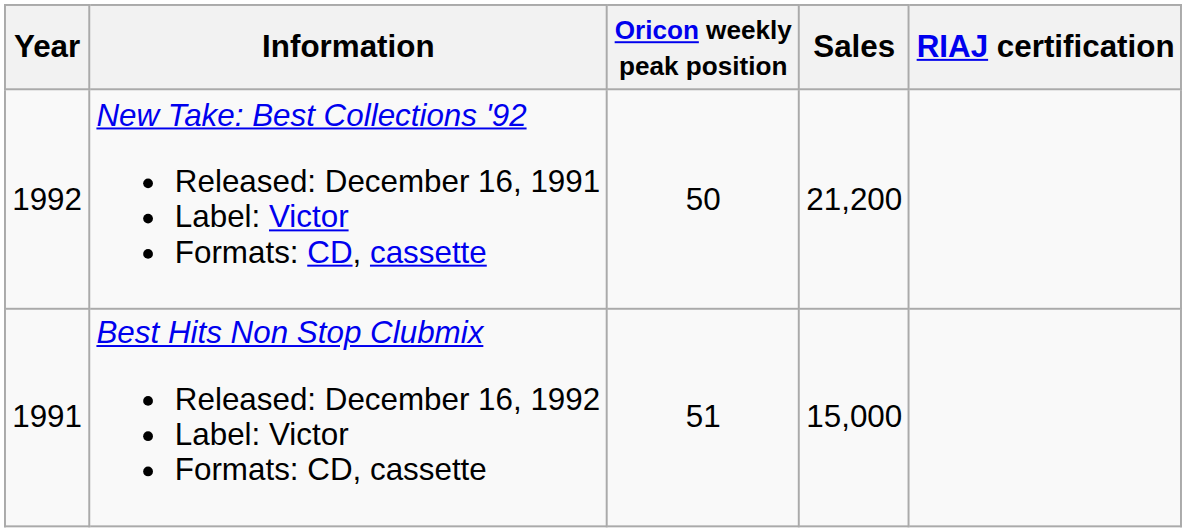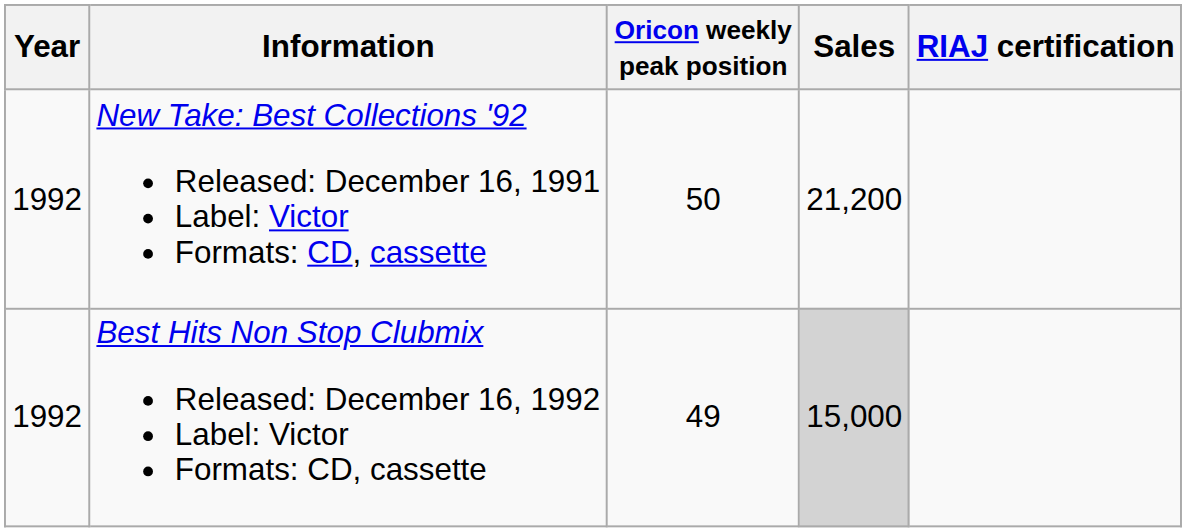 <table class="wikitable">
 <tr>
 <th>Year</th>
 <th>Information</th>
 <th><small><a href='#'>Oricon</a> weekly<br>peak position</small></th>
 <th>Sales<br></th>
 <th><a href='#'>RIAJ</a> certification</th>
 </tr>
 <tr>
 <td>1992</td>
 <td><em><a href='#'>New Take: Best Collections '92</a></em><br><ul><li>Released: December 16, 1991</li><li>Label: <a href='#'>Victor</a></li><li>Formats: <a href='#'>CD</a>, <a href='#'>cassette</a></li></ul></td>
 <td style="text-align:center;">50</td>
 <td align="left">21,200</td>
 <td align="left"></td>
 </tr>
 <tr>
-<td>1991</td>
+<td>1992</td>
 <td><em><a href='#'>Best Hits Non Stop Clubmix</a></em><br><ul><li>Released: December 16, 1992</li><li>Label: Victor</li><li>Formats: CD, cassette</li></ul></td>
-<td style="text-align:center;">51</td>
-<td align="left">15,000</td>
+<td style="text-align:center;">49</td>
+<td align="left" style="background: lightgrey;">15,000</td>
 <td align="left"></td>
 </tr>
 </table>
